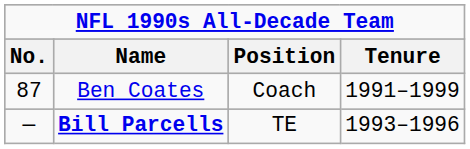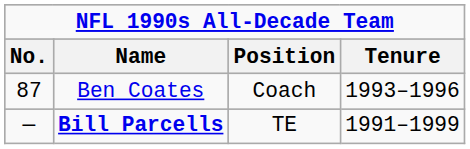 <table class="wikitable" style="text-align:center">
 <tr>
 <td colspan="4"><strong><a href='#'><span><u>NFL 1990s All-Decade Team</u></span></a></strong></td>
 </tr>
 <tr>
 <th>No.</th>
 <th>Name</th>
 <th>Position</th>
 <th>Tenure</th>
 </tr>
 <tr>
 <td>87</td>
 <td><a href='#'>Ben Coates</a></td>
 <td>Coach</td>
-<td>1991–1999</td>
+<td>1993–1996</td>
 </tr>
 <tr>
 <td>—</td>
 <td><strong><a href='#'>Bill Parcells</a></strong></td>
 <td>TE</td>
-<td>1993–1996</td>
+<td>1991–1999</td>
 </tr>
 </table>
